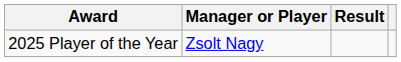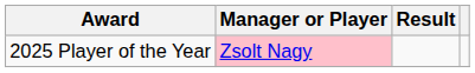 <table class="wikitable" style="text-align:center;">
 <tr>
 <th>Award</th>
 <th>Manager or Player</th>
 <th>Result</th>
 <th></th>
 </tr>
 <tr>
 <td style="text-align:left;">2025 Player of the Year</td>
-<td style="text-align:left;"> <a href='#'>Zsolt Nagy</a></td>
+<td style="background: pink; text-align:left;"> <a href='#'>Zsolt Nagy</a></td>
 <td></td>
 <td></td>
 </tr>
 <tr>
 </tr>
 </table>
